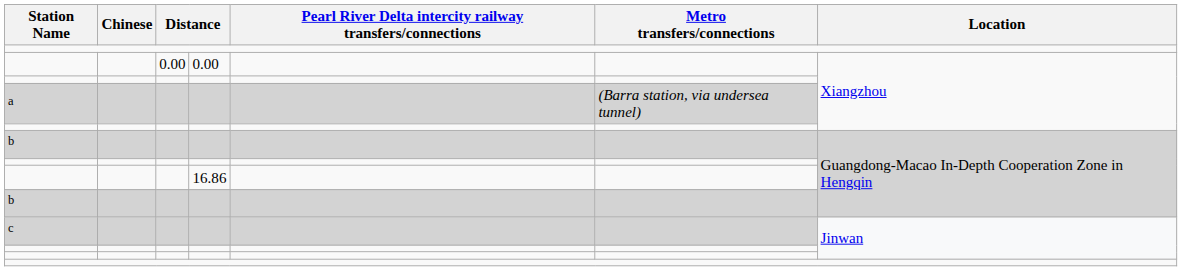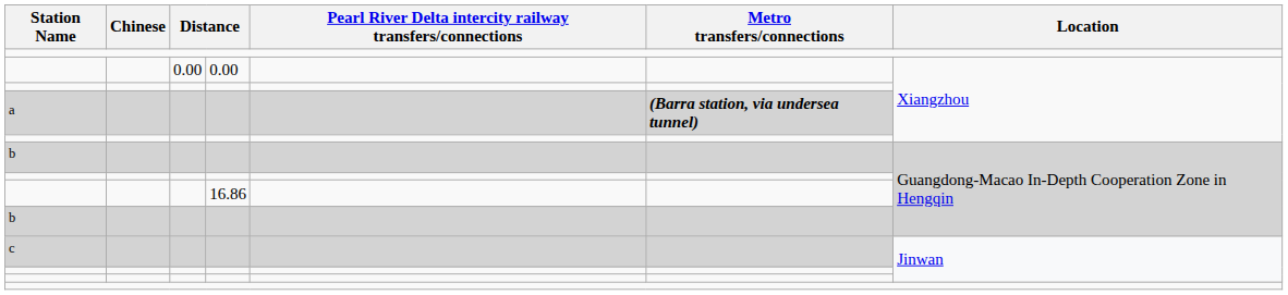 <table class="wikitable">
 <tr>
 <th>Station Name</th>
 <th>Chinese</th>
 <th colspan="2">Distance<br></th>
 <th><a href='#'>Pearl River Delta intercity railway</a> transfers/connections</th>
 <th><a href='#'>Metro</a><br>transfers/connections</th>
 <th>Location</th>
 </tr>
 <tr style="background:#">
 <td colspan = "7"></td>
 </tr>
 <tr>
 <td></td>
 <td></td>
 <td>0.00</td>
 <td>0.00</td>
 <td></td>
 <td></td>
 <td rowspan="4"><a href='#'>Xiangzhou</a></td>
 </tr>
 <tr>
 <td> </td>
 <td></td>
 <td></td>
 <td></td>
 <td></td>
 <td></td>
 </tr>
 <tr bgcolor="lightgrey">
 <td><em></em> <sup>a</sup></td>
 <td></td>
 <td></td>
 <td></td>
 <td></td>
-<td><em> (Barra station, via undersea tunnel)</em></td>
+<td><strong><em> (Barra station, via undersea tunnel)</em></strong></td>
 </tr>
 <tr>
 <td></td>
 <td></td>
 <td></td>
 <td></td>
 <td></td>
 <td></td>
 </tr>
 <tr bgcolor="lightgrey">
 <td><em></em>  <sup>b</sup></td>
 <td></td>
 <td></td>
 <td></td>
 <td></td>
 <td></td>
 <td rowspan="4">Guangdong-Macao In-Depth Cooperation Zone in <a href='#'>Hengqin</a></td>
 </tr>
 <tr>
 <td></td>
 <td></td>
 <td></td>
 <td></td>
 <td></td>
 <td></td>
 </tr>
 <tr>
 <td></td>
 <td></td>
 <td></td>
 <td>16.86</td>
 <td></td>
 <td></td>
 </tr>
 <tr bgcolor="lightgrey">
 <td><em></em> <sup>b</sup></td>
 <td></td>
 <td></td>
 <td></td>
 <td></td>
 <td></td>
 </tr>
 <tr bgcolor="lightgrey">
 <td><em></em>  <sup>c</sup></td>
 <td></td>
 <td></td>
 <td></td>
 <td></td>
 <td></td>
 <td bgcolor=#f8f9fa rowspan="3"><a href='#'>Jinwan</a></td>
 </tr>
 <tr>
 <td> </td>
 <td></td>
 <td></td>
 <td></td>
 <td></td>
 <td></td>
 </tr>
 <tr>
 <td></td>
 <td></td>
 <td></td>
 <td></td>
 <td></td>
 <td></td>
 </tr>
 <tr style="background:#">
 <td colspan = "7"></td>
 </tr>
 </table>
